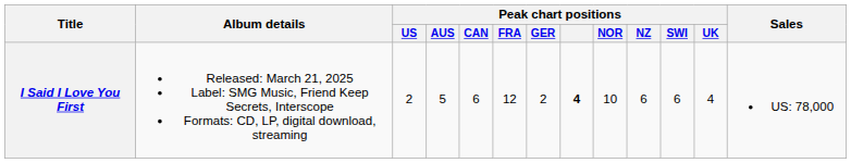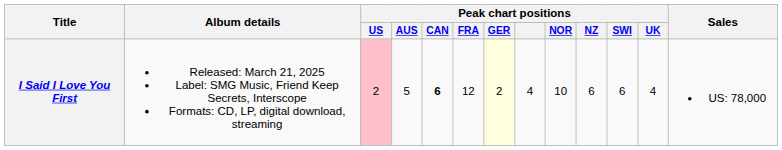 <table class="wikitable plainrowheaders" style="text-align:center;">
 <tr>
 <th scope="col" rowspan="2" style="width:10em;">Title</th>
 <th scope="col" rowspan="2" style="width:20em;">Album details</th>
 <th scope="col" colspan="10">Peak chart positions</th>
 <th scope="col" rowspan="2" style="width:9em;">Sales</th>
 </tr>
 <tr>
 <th scope="col" style="width:2.5em;font-size:90%;"><a href='#'>US</a><br></th>
 <th scope="col" style="width:2.5em;font-size:90%;"><a href='#'>AUS</a><br></th>
 <th scope="col" style="width:2.5em;font-size:90%;"><a href='#'>CAN</a><br></th>
 <th scope="col" style="width:2.5em;font-size:90%;"><a href='#'>FRA</a><br></th>
 <th scope="col" style="width:2.5em;font-size:90%;"><a href='#'>GER</a><br></th>
 <th scope="col" style="width:2.5em;font-size:90%;"><a href='#'></a><br></th>
 <th scope="col" style="width:2.5em;font-size:90%;"><a href='#'>NOR</a><br></th>
 <th scope="col" style="width:2.5em;font-size:90%;"><a href='#'>NZ</a><br></th>
 <th scope="col" style="width:2.5em;font-size:90%;"><a href='#'>SWI</a><br></th>
 <th scope="col" style="width:2.5em;font-size:90%;"><a href='#'>UK</a><br></th>
 </tr>
 <tr>
 <th scope="row"><em><a href='#'>I Said I Love You First</a></em><br></th>
 <td><br><ul><li>Released: March 21, 2025</li><li>Label: SMG Music, Friend Keep Secrets, Interscope</li><li>Formats: CD, LP, digital download, streaming</li></ul></td>
-<td>2</td>
+<td style="background: pink;">2</td>
 <td>5</td>
-<td>6</td>
+<td><strong>6</strong></td>
 <td>12</td>
-<td>2</td>
-<td><strong>4</strong></td>
+<td style="background: lightyellow;">2</td>
+<td>4</td>
 <td>10</td>
 <td>6</td>
 <td>6</td>
 <td>4</td>
 <td><br><ul><li>US: 78,000</li></ul></td>
 </tr>
 </table>
